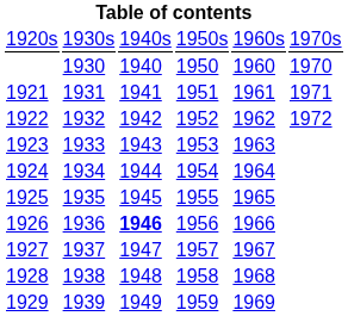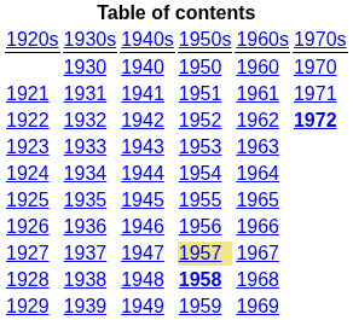 <table id="toc" class="toccolours plainlinks" summary="Contents" |>
 <tr>
 <th colspan="6">Table of contents</th>
 </tr>
 <tr>
 <td style="border-bottom:solid 1px"><a href='#'>1920s</a></td>
 <td style="border-bottom:solid 1px"><a href='#'>1930s</a></td>
 <td style="border-bottom:solid 1px"><a href='#'>1940s</a></td>
 <td style="border-bottom:solid 1px"><a href='#'>1950s</a></td>
 <td style="border-bottom:solid 1px"><a href='#'>1960s</a></td>
 <td style="border-bottom:solid 1px"><a href='#'>1970s</a></td>
 </tr>
 <tr>
 <td></td>
 <td><a href='#'>1930</a></td>
 <td><a href='#'>1940</a></td>
 <td><a href='#'>1950</a></td>
 <td><a href='#'>1960</a></td>
 <td><a href='#'>1970</a></td>
 </tr>
 <tr>
 <td><a href='#'>1921</a></td>
 <td><a href='#'>1931</a></td>
 <td><a href='#'>1941</a></td>
 <td><a href='#'>1951</a></td>
 <td><a href='#'>1961</a></td>
 <td><a href='#'>1971</a></td>
 </tr>
 <tr>
 <td><a href='#'>1922</a></td>
 <td><a href='#'>1932</a></td>
 <td><a href='#'>1942</a></td>
 <td><a href='#'>1952</a></td>
 <td><a href='#'>1962</a></td>
-<td><a href='#'>1972</a></td>
+<td><strong><a href='#'>1972</a></strong></td>
 </tr>
 <tr>
 <td><a href='#'>1923</a></td>
 <td><a href='#'>1933</a></td>
 <td><a href='#'>1943</a></td>
 <td><a href='#'>1953</a></td>
 <td><a href='#'>1963</a></td>
 </tr>
 <tr>
 <td><a href='#'>1924</a></td>
 <td><a href='#'>1934</a></td>
 <td><a href='#'>1944</a></td>
 <td><a href='#'>1954</a></td>
 <td><a href='#'>1964</a></td>
 </tr>
 <tr>
 <td><a href='#'>1925</a></td>
 <td><a href='#'>1935</a></td>
 <td><a href='#'>1945</a></td>
 <td><a href='#'>1955</a></td>
 <td><a href='#'>1965</a></td>
 </tr>
 <tr>
 <td><a href='#'>1926</a></td>
 <td><a href='#'>1936</a></td>
-<td><strong><a href='#'>1946</a></strong></td>
+<td><a href='#'>1946</a></td>
 <td><a href='#'>1956</a></td>
 <td><a href='#'>1966</a></td>
 </tr>
 <tr>
 <td><a href='#'>1927</a></td>
 <td><a href='#'>1937</a></td>
 <td><a href='#'>1947</a></td>
-<td><a href='#'>1957</a></td>
+<td style="background: khaki;"><a href='#'>1957</a></td>
 <td><a href='#'>1967</a></td>
 </tr>
 <tr>
 <td><a href='#'>1928</a></td>
 <td><a href='#'>1938</a></td>
 <td><a href='#'>1948</a></td>
-<td><a href='#'>1958</a></td>
+<td><strong><a href='#'>1958</a></strong></td>
 <td><a href='#'>1968</a></td>
 </tr>
 <tr>
 <td><a href='#'>1929</a></td>
 <td><a href='#'>1939</a></td>
 <td><a href='#'>1949</a></td>
 <td><a href='#'>1959</a></td>
 <td><a href='#'>1969</a></td>
 </tr>
 <tr>
 </tr>
 </table>
